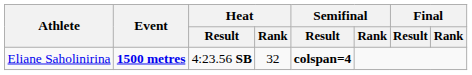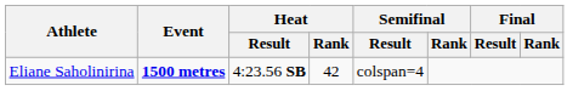 <table class="wikitable" style="font-size:90%">
 <tr>
 <th rowspan="2">Athlete</th>
 <th rowspan="2">Event</th>
 <th colspan="2">Heat</th>
 <th colspan="2">Semifinal</th>
 <th colspan="2">Final</th>
 </tr>
 <tr style="font-size:95%">
 <th>Result</th>
 <th>Rank</th>
 <th>Result</th>
 <th>Rank</th>
 <th>Result</th>
 <th>Rank</th>
 </tr>
 <tr style=text-align:center>
 <td style=text-align:left><a href='#'>Eliane Saholinirina</a></td>
 <td style=text-align:left><strong><a href='#'>1500 metres</a></strong></td>
 <td>4:23.56 <strong>SB</strong></td>
-<td>32</td>
-<td><strong>colspan=4 </strong></td>
+<td>42</td>
+<td>colspan=4 </td>
 </tr>
 </table>
